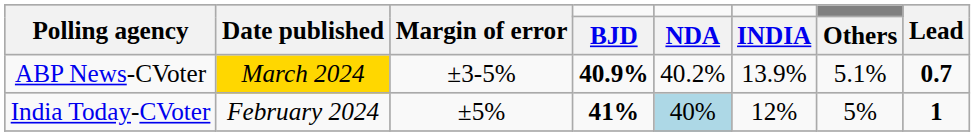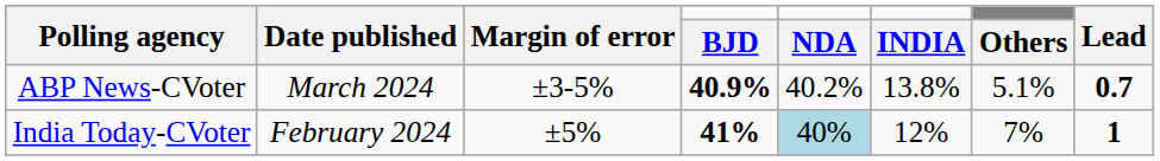 <table class="wikitable sortable" style="text-align:center;font-size:95%;line-height:16px">
 <tr>
 <th rowspan="2">Polling agency</th>
 <th rowspan="2">Date published</th>
 <th rowspan="2">Margin of error</th>
 <td></td>
 <td></td>
 <td></td>
 <td bgcolor="grey"></td>
 <th rowspan="2">Lead</th>
 </tr>
 <tr>
 <th><a href='#'>BJD</a></th>
 <th><a href='#'>NDA</a></th>
 <th><a href='#'>INDIA</a></th>
 <th>Others</th>
 </tr>
 <tr>
 <td><a href='#'>ABP News</a>-CVoter</td>
-<td style="background: gold;"><em>March 2024</em></td>
+<td><em>March 2024</em></td>
 <td>±3-5%</td>
 <td bgcolor=><strong>40.9%</strong></td>
 <td>40.2%</td>
-<td>13.9%</td>
+<td>13.8%</td>
 <td>5.1%</td>
 <td bgcolor=><strong>0.7</strong></td>
 </tr>
 <tr>
 <td><a href='#'>India Today</a>-<a href='#'>CVoter</a></td>
 <td><em>February 2024</em></td>
 <td>±5%</td>
 <td><strong>41%</strong></td>
 <td style="background: lightblue;">40%</td>
 <td>12%</td>
-<td>5%</td>
+<td>7%</td>
 <td><strong>1</strong></td>
 </tr>
 </table>
